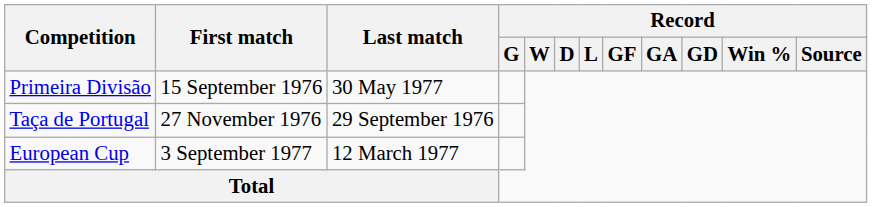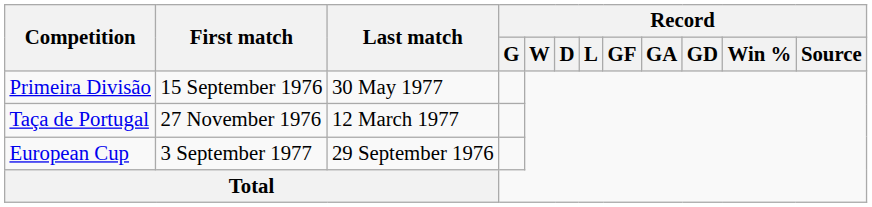 <table class="wikitable" style="text-align: center">
 <tr>
 <th rowspan="2">Competition</th>
 <th rowspan="2">First match</th>
 <th rowspan="2">Last match</th>
 <th colspan="9">Record</th>
 </tr>
 <tr>
 <th>G</th>
 <th>W</th>
 <th>D</th>
 <th>L</th>
 <th>GF</th>
 <th>GA</th>
 <th>GD</th>
 <th>Win %</th>
 <th>Source</th>
 </tr>
 <tr>
 <td align=left><a href='#'>Primeira Divisão</a></td>
 <td align=left>15 September 1976</td>
 <td align=left>30 May 1977<br></td>
 <td align=left></td>
 </tr>
 <tr>
 <td align=left><a href='#'>Taça de Portugal</a></td>
 <td align=left>27 November 1976</td>
-<td align=left>29 September 1976<br></td>
+<td align=left>12 March 1977<br></td>
 <td align=left></td>
 </tr>
 <tr>
 <td align=left><a href='#'>European Cup</a></td>
 <td align=left>3 September 1977</td>
-<td align=left>12 March 1977<br></td>
+<td align=left>29 September 1976<br></td>
 <td align=left></td>
 </tr>
 <tr>
 <th colspan="3">Total<br></th>
 </tr>
 </table>
